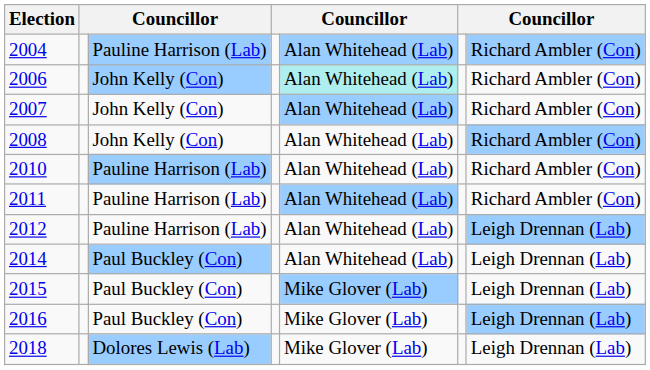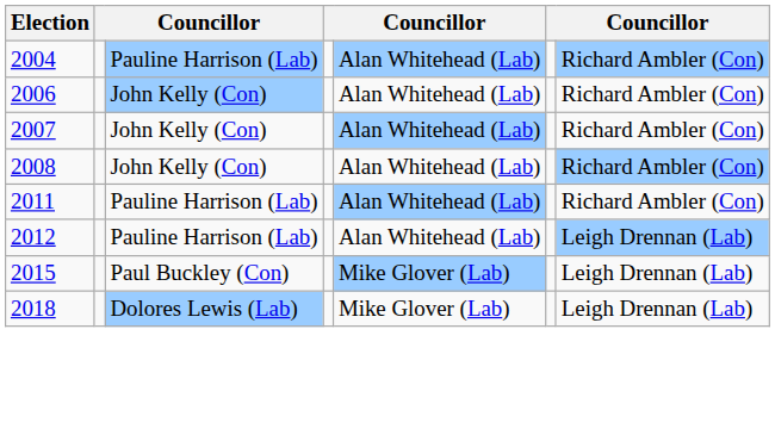 <table class="wikitable">
 <tr>
 <th>Election</th>
 <th colspan="2">Councillor</th>
 <th colspan="2">Councillor</th>
 <th colspan="2">Councillor</th>
 </tr>
 <tr>
 <td><a href='#'>2004</a></td>
 <td style="background-color: "></td>
 <td bgcolor="#99CCFF">Pauline Harrison (<a href='#'>Lab</a>)</td>
 <td style="background-color: "></td>
 <td bgcolor="#99CCFF">Alan Whitehead (<a href='#'>Lab</a>)</td>
 <td style="background-color: "></td>
 <td bgcolor="#99CCFF">Richard Ambler (<a href='#'>Con</a>)</td>
 </tr>
 <tr>
 <td><a href='#'>2006</a></td>
 <td style="background-color: "></td>
 <td bgcolor="#99CCFF">John Kelly (<a href='#'>Con</a>)</td>
 <td style="background-color: "></td>
-<td style="background: paleturquoise;">Alan Whitehead (<a href='#'>Lab</a>)</td>
+<td>Alan Whitehead (<a href='#'>Lab</a>)</td>
 <td style="background-color: "></td>
 <td>Richard Ambler (<a href='#'>Con</a>)</td>
 </tr>
 <tr>
 <td><a href='#'>2007</a></td>
 <td style="background-color: "></td>
 <td>John Kelly (<a href='#'>Con</a>)</td>
 <td style="background-color: "></td>
 <td bgcolor="#99CCFF">Alan Whitehead (<a href='#'>Lab</a>)</td>
 <td style="background-color: "></td>
 <td>Richard Ambler (<a href='#'>Con</a>)</td>
 </tr>
 <tr>
 <td><a href='#'>2008</a></td>
 <td style="background-color: "></td>
 <td>John Kelly (<a href='#'>Con</a>)</td>
 <td style="background-color: "></td>
 <td>Alan Whitehead (<a href='#'>Lab</a>)</td>
 <td style="background-color: "></td>
 <td bgcolor="#99CCFF">Richard Ambler (<a href='#'>Con</a>)</td>
 </tr>
 <tr>
-<td><a href='#'>2010</a></td>
-<td style="background-color: "></td>
-<td bgcolor="#99CCFF">Pauline Harrison (<a href='#'>Lab</a>)</td>
-<td style="background-color: "></td>
-<td>Alan Whitehead (<a href='#'>Lab</a>)</td>
-<td style="background-color: "></td>
-<td>Richard Ambler (<a href='#'>Con</a>)</td>
-</tr>
-<tr>
 <td><a href='#'>2011</a></td>
 <td style="background-color: "></td>
 <td>Pauline Harrison (<a href='#'>Lab</a>)</td>
 <td style="background-color: "></td>
 <td bgcolor="#99CCFF">Alan Whitehead (<a href='#'>Lab</a>)</td>
 <td style="background-color: "></td>
 <td>Richard Ambler (<a href='#'>Con</a>)</td>
 </tr>
 <tr>
 <td><a href='#'>2012</a></td>
 <td style="background-color: "></td>
 <td>Pauline Harrison (<a href='#'>Lab</a>)</td>
 <td style="background-color: "></td>
 <td>Alan Whitehead (<a href='#'>Lab</a>)</td>
 <td style="background-color: "></td>
 <td bgcolor="#99CCFF">Leigh Drennan (<a href='#'>Lab</a>)</td>
 </tr>
 <tr>
-<td><a href='#'>2014</a></td>
-<td style="background-color: "></td>
-<td bgcolor="#99CCFF">Paul Buckley (<a href='#'>Con</a>)</td>
-<td style="background-color: "></td>
-<td>Alan Whitehead (<a href='#'>Lab</a>)</td>
-<td style="background-color: "></td>
-<td>Leigh Drennan (<a href='#'>Lab</a>)</td>
-</tr>
-<tr>
 <td><a href='#'>2015</a></td>
 <td style="background-color: "></td>
 <td>Paul Buckley (<a href='#'>Con</a>)</td>
 <td style="background-color: "></td>
 <td bgcolor="#99CCFF">Mike Glover (<a href='#'>Lab</a>)</td>
 <td style="background-color: "></td>
 <td>Leigh Drennan (<a href='#'>Lab</a>)</td>
-</tr>
-<tr>
-<td><a href='#'>2016</a></td>
-<td style="background-color: "></td>
-<td>Paul Buckley (<a href='#'>Con</a>)</td>
-<td style="background-color: "></td>
-<td>Mike Glover (<a href='#'>Lab</a>)</td>
-<td style="background-color: "></td>
-<td bgcolor="#99CCFF">Leigh Drennan (<a href='#'>Lab</a>)</td>
 </tr>
 <tr>
 <td><a href='#'>2018</a></td>
 <td style="background-color: "></td>
 <td bgcolor="#99CCFF">Dolores Lewis (<a href='#'>Lab</a>)</td>
 <td style="background-color: "></td>
 <td>Mike Glover (<a href='#'>Lab</a>)</td>
 <td style="background-color: "></td>
 <td>Leigh Drennan (<a href='#'>Lab</a>)</td>
 </tr>
 </table>
